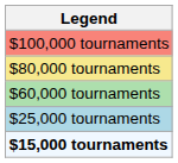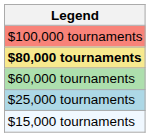 <table class=wikitable style=font-size:85%;>
 <tr>
 <th>Legend</th>
 </tr>
 <tr style=background:#f88379;>
 <td>$100,000 tournaments</td>
 </tr>
 <tr style=background:#f7e98e;>
-<td>$80,000 tournaments</td>
+<td><strong>$80,000 tournaments</strong></td>
 </tr>
 <tr style=background:#addfad;>
 <td>$60,000 tournaments</td>
 </tr>
 <tr style=background:lightblue;>
 <td>$25,000 tournaments</td>
 </tr>
 <tr style=background:#f0f8ff>
-<td><strong>$15,000 tournaments</strong></td>
+<td>$15,000 tournaments</td>
 </tr>
 </table>
